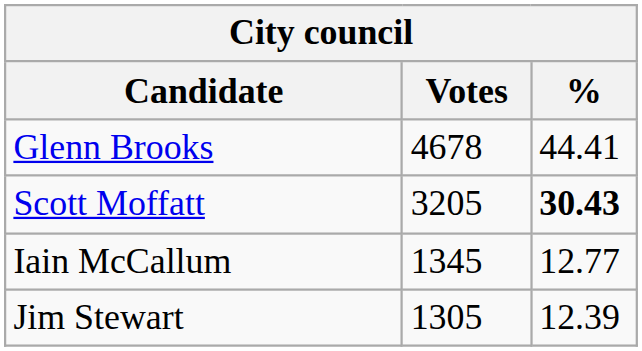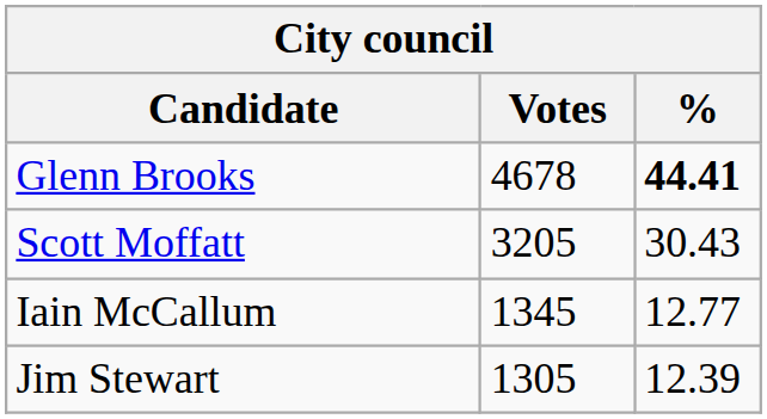 <table class="wikitable">
 <tr>
 <th colspan="3">City council</th>
 </tr>
 <tr>
 <th style="width: 170px">Candidate</th>
 <th style="width: 50px">Votes</th>
 <th style="width: 40px">%</th>
 </tr>
 <tr>
 <td><a href='#'>Glenn Brooks</a></td>
 <td>4678</td>
-<td>44.41</td>
+<td><strong>44.41</strong></td>
 </tr>
 <tr>
 <td><a href='#'>Scott Moffatt</a></td>
 <td>3205</td>
-<td><strong>30.43</strong></td>
+<td>30.43</td>
 </tr>
 <tr>
 <td>Iain McCallum</td>
 <td>1345</td>
 <td>12.77</td>
 </tr>
 <tr>
 <td>Jim Stewart</td>
 <td>1305</td>
 <td>12.39</td>
 </tr>
 </table>
